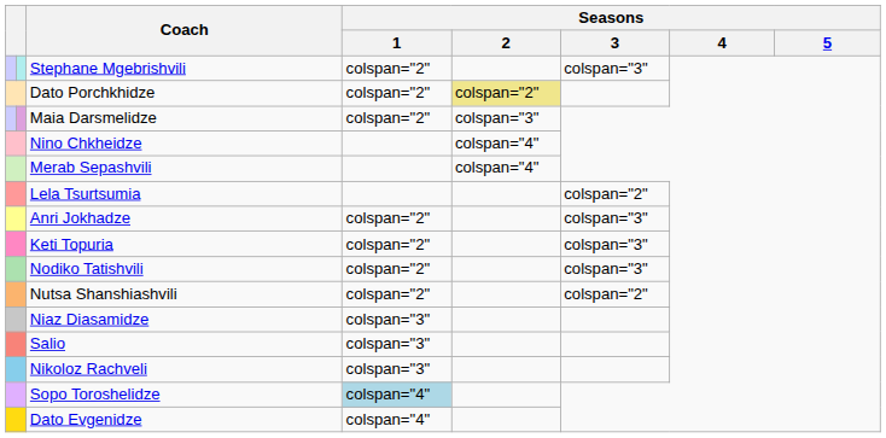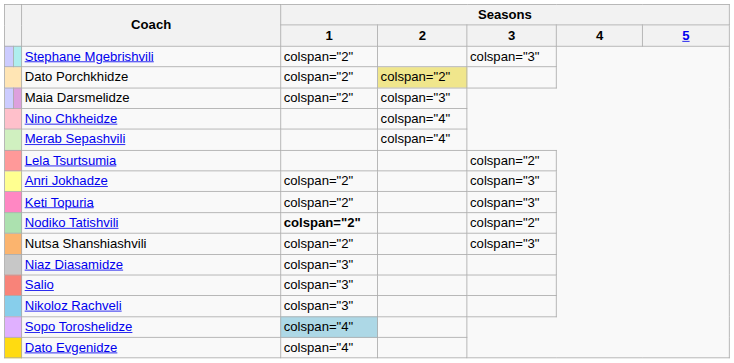 <table class="wikitable" width="70%">
 <tr>
 <th colspan="2" rowspan="2" width="02%"></th>
 <th rowspan="2" width="30%">Coach</th>
 <th colspan="5">Seasons</th>
 </tr>
 <tr>
 <th width="10%">1</th>
 <th width="10%">2</th>
 <th width="10%">3</th>
 <th width="10%">4</th>
 <th width="10%"><a href='#'>5</a></th>
 </tr>
 <tr>
 <td style="background:#ccccff"></td>
 <td style="background:#afeeee"></td>
 <td><a href='#'>Stephane Mgebrishvili</a></td>
 <td>colspan="2" </td>
 <td></td>
 <td>colspan="3" </td>
 </tr>
 <tr>
 <td colspan="2" style="background:#ffe5b4"></td>
 <td>Dato Porchkhidze</td>
 <td>colspan="2" </td>
 <td style="background: khaki;">colspan="2" </td>
 <td></td>
 </tr>
 <tr>
 <td style="background:#ccccff"></td>
 <td style="background:#dda0dd"></td>
 <td>Maia Darsmelidze</td>
 <td>colspan="2" </td>
 <td>colspan="3" </td>
 </tr>
 <tr>
 <td colspan="2" style="background: pink"></td>
 <td><a href='#'>Nino Chkheidze</a></td>
 <td></td>
 <td>colspan="4" </td>
 </tr>
 <tr>
 <td colspan="2" style="background:#d0f0c0"></td>
 <td><a href='#'>Merab Sepashvili</a></td>
 <td></td>
 <td>colspan="4" </td>
 </tr>
 <tr>
 <td colspan="2" style="background:#ff9999"></td>
 <td><a href='#'>Lela Tsurtsumia</a></td>
 <td></td>
 <td></td>
 <td>colspan="2" </td>
 </tr>
 <tr>
 <td colspan="2" style="background:#ffff90"></td>
 <td><a href='#'>Anri Jokhadze</a></td>
 <td>colspan="2" </td>
 <td></td>
 <td>colspan="3" </td>
 </tr>
 <tr>
 <td colspan="2" style="background:#FF87C3"></td>
 <td><a href='#'>Keti Topuria</a></td>
 <td>colspan="2" </td>
 <td></td>
 <td>colspan="3" </td>
 </tr>
 <tr>
 <td colspan="2" style="background:#ace1af"></td>
 <td><a href='#'>Nodiko Tatishvili</a></td>
+<td><strong>colspan="2" </strong></td>
+<td></td>
 <td>colspan="2" </td>
-<td></td>
-<td>colspan="3" </td>
 </tr>
 <tr>
 <td colspan="2" style="background:#fbb46e"></td>
 <td>Nutsa Shanshiashvili</td>
 <td>colspan="2" </td>
 <td></td>
-<td>colspan="2" </td>
+<td>colspan="3" </td>
 </tr>
 <tr>
 <td colspan="2" style="background:#c7c7c7"></td>
 <td><a href='#'>Niaz Diasamidze</a></td>
 <td>colspan="3" </td>
 <td></td>
 <td></td>
 </tr>
 <tr>
 <td colspan="2" style="background:#f88379"></td>
 <td><a href='#'>Salio</a></td>
 <td>colspan="3" </td>
 <td></td>
 <td></td>
 </tr>
 <tr>
 <td colspan="2" style="background:#87ceeb"></td>
 <td><a href='#'>Nikoloz Rachveli</a></td>
 <td>colspan="3" </td>
 <td></td>
 <td></td>
 </tr>
 <tr>
 <td colspan="2" style="background:#E0B0FF"></td>
 <td><a href='#'>Sopo Toroshelidze</a></td>
 <td style="background: lightblue;">colspan="4" </td>
 <td></td>
 </tr>
 <tr>
 <td colspan="2" style="background:#ffdb11"></td>
 <td><a href='#'>Dato Evgenidze</a></td>
 <td>colspan="4" </td>
 <td></td>
 </tr>
 </table>
